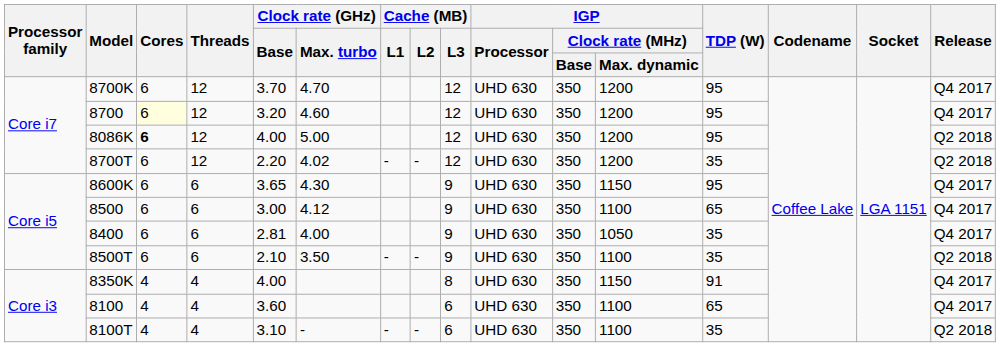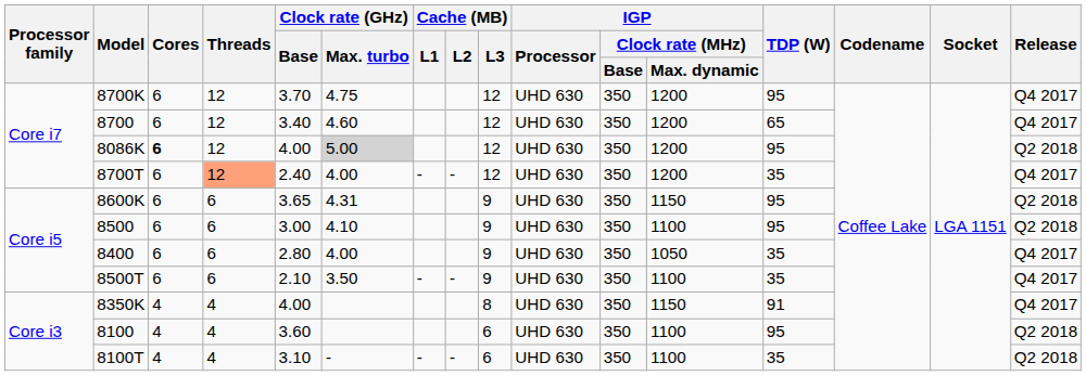 <table class="wikitable center sortable sort-under mw-collapsible">
 <tr>
 <th rowspan=3 data-sort-type=text>Processor <br>family</th>
 <th rowspan=3 data-sort-type=text>Model</th>
 <th rowspan=3 data-sort-type=number>Cores</th>
 <th rowspan=3 data-sort-type=number>Threads</th>
 <th colspan=2><a href='#'>Clock rate</a> (GHz)</th>
 <th colspan=3><a href='#'> Cache</a> (MB)</th>
 <th colspan=3><a href='#'> IGP</a></th>
 <th rowspan=3 data-sort-type=number><a href='#'> TDP</a> (W)</th>
 <th rowspan=3 data-sort-type=text>Code­name</th>
 <th rowspan=3 data-sort-type=text>Socket</th>
 <th rowspan=3 data-sort-type=date>Release</th>
 </tr>
 <tr>
 <th rowspan=2 data-sort-type=number>Base</th>
 <th rowspan=2 data-sort-type=number>Max. <a href='#'> turbo</a></th>
 <th rowspan=2 data-sort-type=number>L1</th>
 <th rowspan=2 data-sort-type=number>L2</th>
 <th rowspan=2 data-sort-type=number>L3</th>
 <th rowspan=2 data-sort-type=text>Processor</th>
 <th colspan=2><a href='#'>Clock rate</a> (MHz)</th>
 </tr>
 <tr>
 <th data-sort-type=number>Base</th>
 <th data-sort-type=number>Max. dynamic</th>
 </tr>
 <tr>
 <td rowspan="4"><a href='#'>Core i7</a></td>
 <td>8700K</td>
 <td>6</td>
 <td>12</td>
 <td>3.70</td>
-<td>4.70</td>
+<td>4.75</td>
 <td></td>
 <td></td>
 <td>12</td>
 <td>UHD 630</td>
 <td>350</td>
 <td>1200</td>
 <td>95</td>
 <td rowspan="11"><a href='#'>Coffee Lake</a></td>
 <td rowspan="11"><a href='#'>LGA 1151</a></td>
 <td>Q4 2017</td>
 </tr>
 <tr>
 <td>8700</td>
-<td style="background: lightyellow;">6</td>
+<td>6</td>
 <td>12</td>
-<td>3.20</td>
+<td>3.40</td>
 <td>4.60</td>
 <td></td>
 <td></td>
 <td>12</td>
 <td>UHD 630</td>
 <td>350</td>
 <td>1200</td>
-<td>95</td>
+<td>65</td>
 <td>Q4 2017</td>
 </tr>
 <tr>
 <td>8086K</td>
 <td><strong>6</strong></td>
 <td>12</td>
 <td>4.00</td>
-<td>5.00</td>
+<td style="background: lightgrey;">5.00</td>
 <td></td>
 <td></td>
 <td>12</td>
 <td>UHD 630</td>
 <td>350</td>
 <td>1200</td>
 <td>95</td>
 <td>Q2 2018</td>
 </tr>
 <tr>
 <td>8700T</td>
 <td>6</td>
-<td>12</td>
-<td>2.20</td>
-<td>4.02</td>
+<td style="background: lightsalmon;">12</td>
+<td>2.40</td>
+<td>4.00</td>
 <td>-</td>
 <td>-</td>
 <td>12</td>
 <td>UHD 630</td>
 <td>350</td>
 <td>1200</td>
 <td>35</td>
-<td>Q2 2018</td>
+<td>Q4 2017</td>
 </tr>
 <tr>
 <td rowspan="4"><a href='#'>Core i5</a></td>
 <td>8600K</td>
 <td>6</td>
 <td>6</td>
 <td>3.65</td>
-<td>4.30</td>
+<td>4.31</td>
 <td></td>
 <td></td>
 <td>9</td>
 <td>UHD 630</td>
 <td>350</td>
 <td>1150</td>
 <td>95</td>
-<td>Q4 2017</td>
+<td>Q2 2018</td>
 </tr>
 <tr>
 <td>8500</td>
 <td>6</td>
 <td>6</td>
 <td>3.00</td>
-<td>4.12</td>
+<td>4.10</td>
 <td></td>
 <td></td>
 <td>9</td>
 <td>UHD 630</td>
 <td>350</td>
 <td>1100</td>
-<td>65</td>
-<td>Q4 2017</td>
+<td>95</td>
+<td>Q2 2018</td>
 </tr>
 <tr>
 <td>8400</td>
 <td>6</td>
 <td>6</td>
-<td>2.81</td>
+<td>2.80</td>
 <td>4.00</td>
 <td></td>
 <td></td>
 <td>9</td>
 <td>UHD 630</td>
 <td>350</td>
 <td>1050</td>
 <td>35</td>
 <td>Q4 2017</td>
 </tr>
 <tr>
 <td>8500T</td>
 <td>6</td>
 <td>6</td>
 <td>2.10</td>
 <td>3.50</td>
 <td>-</td>
 <td>-</td>
 <td>9</td>
 <td>UHD 630</td>
 <td>350</td>
 <td>1100</td>
 <td>35</td>
-<td>Q2 2018</td>
+<td>Q4 2017</td>
 </tr>
 <tr>
 <td rowspan="3"><a href='#'>Core i3</a></td>
 <td>8350K</td>
 <td>4</td>
 <td>4</td>
 <td>4.00</td>
 <td></td>
 <td></td>
 <td></td>
 <td>8</td>
 <td>UHD 630</td>
 <td>350</td>
 <td>1150</td>
 <td>91</td>
 <td>Q4 2017</td>
 </tr>
 <tr>
 <td>8100</td>
 <td>4</td>
 <td>4</td>
 <td>3.60</td>
 <td></td>
 <td></td>
 <td></td>
 <td>6</td>
 <td>UHD 630</td>
 <td>350</td>
 <td>1100</td>
-<td>65</td>
-<td>Q4 2017</td>
+<td>95</td>
+<td>Q2 2018</td>
 </tr>
 <tr>
 <td>8100T</td>
 <td>4</td>
 <td>4</td>
 <td>3.10</td>
 <td>-</td>
 <td>-</td>
 <td>-</td>
 <td>6</td>
 <td>UHD 630</td>
 <td>350</td>
 <td>1100</td>
 <td>35</td>
 <td>Q2 2018</td>
 </tr>
 </table>
